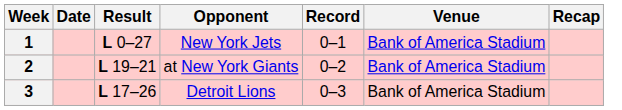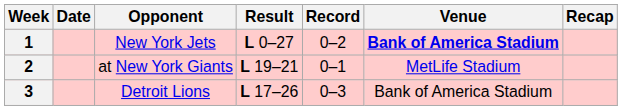 <table class="wikitable" style="text-align:center">
 <tr>
 <th>Week</th>
 <th>Date</th>
+<th>Opponent</th>
 <th>Result</th>
-<th>Opponent</th>
 <th>Record</th>
 <th>Venue</th>
 <th>Recap</th>
 </tr>
 <tr style="background:#fcc">
 <th>1</th>
 <td></td>
+<td><a href='#'>New York Jets</a></td>
 <td><strong>L</strong> 0–27</td>
-<td><a href='#'>New York Jets</a></td>
-<td>0–1</td>
-<td><a href='#'>Bank of America Stadium</a></td>
+<td>0–2</td>
+<td><strong><a href='#'>Bank of America Stadium</a></strong></td>
 <td></td>
 </tr>
 <tr style="background:#fcc">
 <th>2</th>
 <td></td>
+<td>at <a href='#'>New York Giants</a></td>
 <td><strong>L</strong> 19–21</td>
-<td>at <a href='#'>New York Giants</a></td>
-<td>0–2</td>
-<td><a href='#'>Bank of America Stadium</a></td>
+<td>0–1</td>
+<td><a href='#'>MetLife Stadium</a></td>
 <td></td>
 </tr>
 <tr style="background:#fcc">
 <th>3</th>
 <td></td>
+<td><a href='#'>Detroit Lions</a></td>
 <td><strong>L</strong> 17–26</td>
-<td><a href='#'>Detroit Lions</a></td>
 <td>0–3</td>
 <td>Bank of America Stadium</td>
 <td></td>
 </tr>
 </table>
